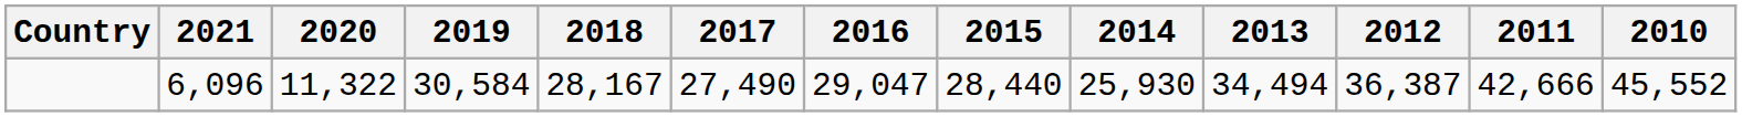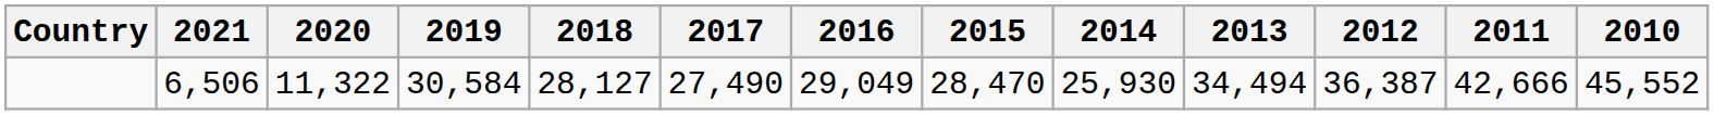 <table class="wikitable sortable">
 <tr>
 <th>Country</th>
 <th>2021</th>
 <th>2020</th>
 <th>2019</th>
 <th>2018</th>
 <th>2017</th>
 <th>2016</th>
 <th>2015</th>
 <th>2014</th>
 <th>2013</th>
 <th>2012</th>
 <th>2011</th>
 <th>2010</th>
 </tr>
 <tr>
 <td style="text-align:left;"></td>
-<td> 6,096</td>
+<td> 6,506</td>
 <td> 11,322</td>
 <td> 30,584</td>
-<td> 28,167</td>
+<td> 28,127</td>
 <td> 27,490</td>
-<td> 29,047</td>
-<td> 28,440</td>
+<td> 29,049</td>
+<td> 28,470</td>
 <td> 25,930</td>
 <td> 34,494</td>
 <td> 36,387</td>
 <td> 42,666</td>
 <td>45,552</td>
 </tr>
 </table>
